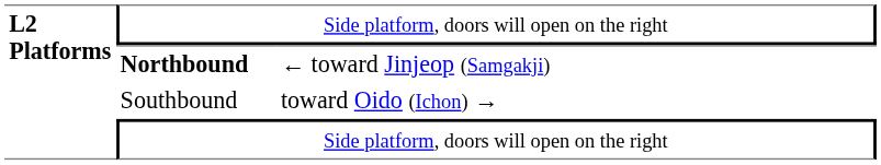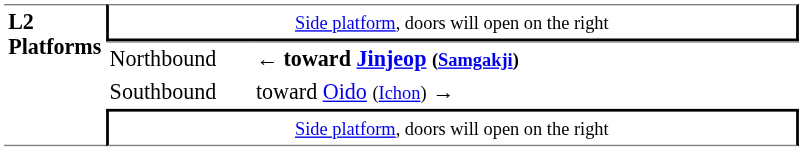 <table table border=0 cellspacing=0 cellpadding=3>
 <tr>
 <td style="border-top:solid 1px gray;border-bottom:solid 1px gray;" width=50 rowspan=10 valign=top><strong>L2<br>Platforms</strong></td>
 <td style="border-top:solid 1px gray;border-right:solid 2px black;border-left:solid 2px black;border-bottom:solid 2px black;text-align:center;" colspan=2><small><a href='#'>Side platform</a>, doors will open on the right</small></td>
 </tr>
 <tr>
-<td style="border-bottom:solid 0px gray;border-top:solid 1px gray;" width=100><strong>Northbound</strong></td>
-<td style="border-bottom:solid 0px gray;border-top:solid 1px gray;" width=390>←  toward <a href='#'>Jinjeop</a> <small>(<a href='#'>Samgakji</a>)</small></td>
+<td style="border-bottom:solid 0px gray;border-top:solid 1px gray;" width=100>Northbound</td>
+<td style="border-bottom:solid 0px gray;border-top:solid 1px gray;" width=390><strong>←  toward <a href='#'>Jinjeop</a> <small>(<a href='#'>Samgakji</a>)</small></strong></td>
 </tr>
 <tr>
 <td>Southbound</td>
 <td>  toward <a href='#'>Oido</a> <small>(<a href='#'>Ichon</a>)</small> →</td>
 </tr>
 <tr>
 <td style="border-top:solid 2px black;border-right:solid 2px black;border-left:solid 2px black;border-bottom:solid 1px gray;text-align:center;" colspan=2><small><a href='#'>Side platform</a>, doors will open on the right</small></td>
 </tr>
 </table>
